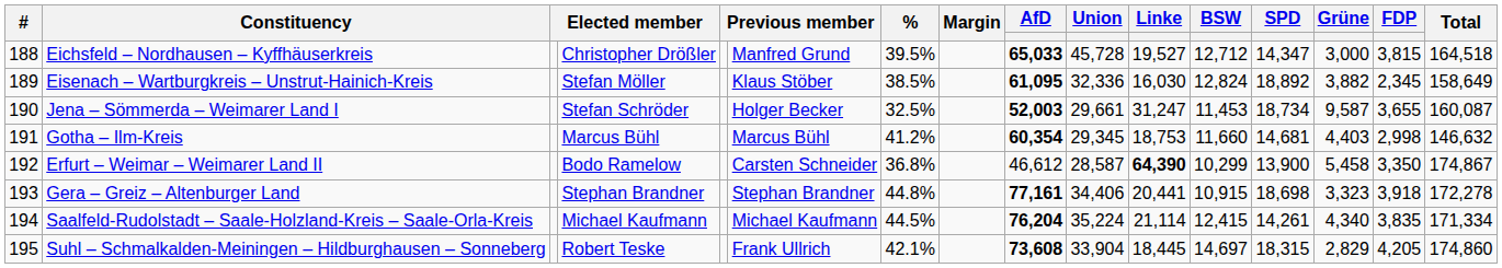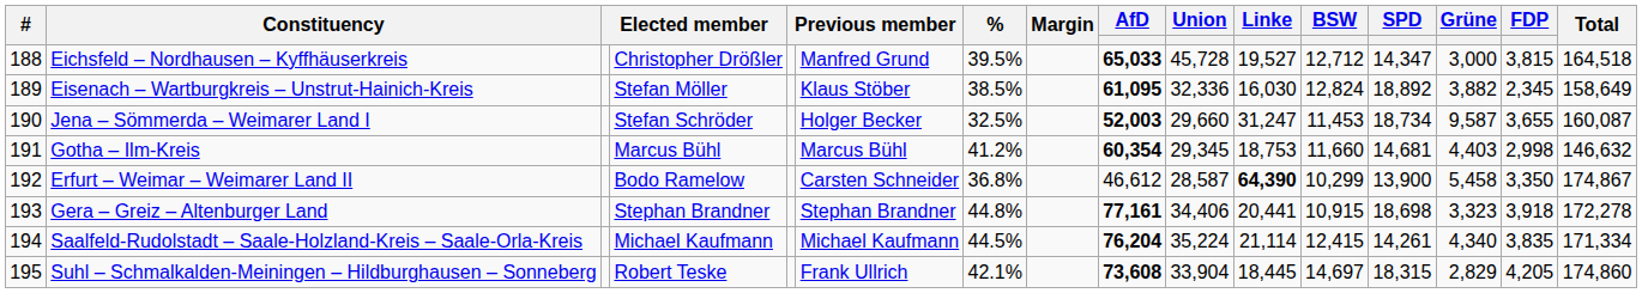 <table class="wikitable sortable" style="text-align:right">
 <tr>
 <th rowspan="2">#</th>
 <th rowspan="2">Constituency</th>
 <th rowspan="2" colspan="2">Elected member</th>
 <th rowspan="2" colspan="2">Previous member</th>
 <th rowspan="2">%</th>
 <th rowspan="2">Margin</th>
 <th class="wikitable sortable" style="width:40px;"><a href='#'>AfD</a></th>
 <th class="wikitable sortable" style="width:40px;"><a href='#'>Union</a></th>
 <th class="wikitable sortable" style="width:40px;"><a href='#'>Linke</a></th>
 <th class="wikitable sortable" style="width:40px;"><a href='#'>BSW</a></th>
 <th class="wikitable sortable" style="width:40px;"><a href='#'>SPD</a></th>
 <th class="wikitable sortable" style="width:40px;"><a href='#'>Grüne</a></th>
 <th class="wikitable sortable" style="width:40px;"><a href='#'>FDP</a></th>
 <th class="wikitable sortable" style="width:40px;" rowspan="2">Total</th>
 </tr>
 <tr>
 <th class="wikitable sortable" style="background:"></th>
 <th class="wikitable sortable" style="background:"></th>
 <th class="wikitable sortable" style="background:"></th>
 <th class="wikitable sortable" style="background:"></th>
 <th class="wikitable sortable" style="background:"></th>
 <th class="wikitable sortable" style="background:"></th>
 <th class="wikitable sortable" style="background:"></th>
 </tr>
 <tr>
 <td>188</td>
 <td align=left><a href='#'>Eichsfeld – Nordhausen – Kyffhäuserkreis</a></td>
 <td bgcolor=></td>
 <td align=left><a href='#'>Christopher Drößler</a></td>
 <td bgcolor=></td>
 <td align=left><a href='#'>Manfred Grund</a></td>
 <td>39.5%</td>
 <td></td>
 <td><strong>65,033</strong></td>
 <td>45,728</td>
 <td>19,527</td>
 <td>12,712</td>
 <td>14,347</td>
 <td>3,000</td>
 <td>3,815</td>
 <td>164,518</td>
 </tr>
 <tr>
 <td>189</td>
 <td align=left><a href='#'>Eisenach – Wartburgkreis – Unstrut-Hainich-Kreis</a></td>
 <td bgcolor=></td>
 <td align=left><a href='#'>Stefan Möller</a></td>
 <td bgcolor=></td>
 <td align=left><a href='#'>Klaus Stöber</a></td>
 <td>38.5%</td>
 <td></td>
 <td><strong>61,095</strong></td>
 <td>32,336</td>
 <td>16,030</td>
 <td>12,824</td>
 <td>18,892</td>
 <td>3,882</td>
 <td>2,345</td>
 <td>158,649</td>
 </tr>
 <tr>
 <td>190</td>
 <td align=left><a href='#'>Jena – Sömmerda – Weimarer Land I</a></td>
 <td bgcolor=></td>
 <td align=left><a href='#'>Stefan Schröder</a></td>
 <td bgcolor=></td>
 <td align=left><a href='#'>Holger Becker</a></td>
 <td>32.5%</td>
 <td></td>
 <td><strong>52,003</strong></td>
-<td>29,661</td>
+<td>29,660</td>
 <td>31,247</td>
 <td>11,453</td>
 <td>18,734</td>
 <td>9,587</td>
 <td>3,655</td>
 <td>160,087</td>
 </tr>
 <tr>
 <td>191</td>
 <td align=left><a href='#'>Gotha – Ilm-Kreis</a></td>
 <td bgcolor=></td>
 <td align=left><a href='#'>Marcus Bühl</a></td>
 <td bgcolor=></td>
 <td align=left><a href='#'>Marcus Bühl</a></td>
 <td>41.2%</td>
 <td></td>
 <td><strong>60,354</strong></td>
 <td>29,345</td>
 <td>18,753</td>
 <td>11,660</td>
 <td>14,681</td>
 <td>4,403</td>
 <td>2,998</td>
 <td>146,632</td>
 </tr>
 <tr>
 <td>192</td>
 <td align=left><a href='#'>Erfurt – Weimar – Weimarer Land II</a></td>
 <td bgcolor=></td>
 <td align=left><a href='#'>Bodo Ramelow</a></td>
 <td bgcolor=></td>
 <td align=left><a href='#'>Carsten Schneider</a></td>
 <td>36.8%</td>
 <td></td>
 <td>46,612</td>
 <td>28,587</td>
 <td><strong>64,390</strong></td>
 <td>10,299</td>
 <td>13,900</td>
 <td>5,458</td>
 <td>3,350</td>
 <td>174,867</td>
 </tr>
 <tr>
 <td>193</td>
 <td align=left><a href='#'>Gera – Greiz – Altenburger Land</a></td>
 <td bgcolor=></td>
 <td align=left><a href='#'>Stephan Brandner</a></td>
 <td bgcolor=></td>
 <td align=left><a href='#'>Stephan Brandner</a></td>
 <td>44.8%</td>
 <td></td>
 <td><strong>77,161</strong></td>
 <td>34,406</td>
 <td>20,441</td>
 <td>10,915</td>
 <td>18,698</td>
 <td>3,323</td>
 <td>3,918</td>
 <td>172,278</td>
 </tr>
 <tr>
 <td>194</td>
 <td align=left><a href='#'>Saalfeld-Rudolstadt – Saale-Holzland-Kreis – Saale-Orla-Kreis</a></td>
 <td bgcolor=></td>
 <td align=left><a href='#'>Michael Kaufmann</a></td>
 <td bgcolor=></td>
 <td align=left><a href='#'>Michael Kaufmann</a></td>
 <td>44.5%</td>
 <td></td>
 <td><strong>76,204</strong></td>
 <td>35,224</td>
 <td>21,114</td>
 <td>12,415</td>
 <td>14,261</td>
 <td>4,340</td>
 <td>3,835</td>
 <td>171,334</td>
 </tr>
 <tr>
 <td>195</td>
 <td align=left><a href='#'>Suhl – Schmalkalden-Meiningen – Hildburghausen – Sonneberg</a></td>
 <td bgcolor=></td>
 <td align=left><a href='#'>Robert Teske</a></td>
 <td bgcolor=></td>
 <td align=left><a href='#'>Frank Ullrich</a></td>
 <td>42.1%</td>
 <td></td>
 <td><strong>73,608</strong></td>
 <td>33,904</td>
 <td>18,445</td>
 <td>14,697</td>
 <td>18,315</td>
 <td>2,829</td>
 <td>4,205</td>
 <td>174,860</td>
 </tr>
 </table>
